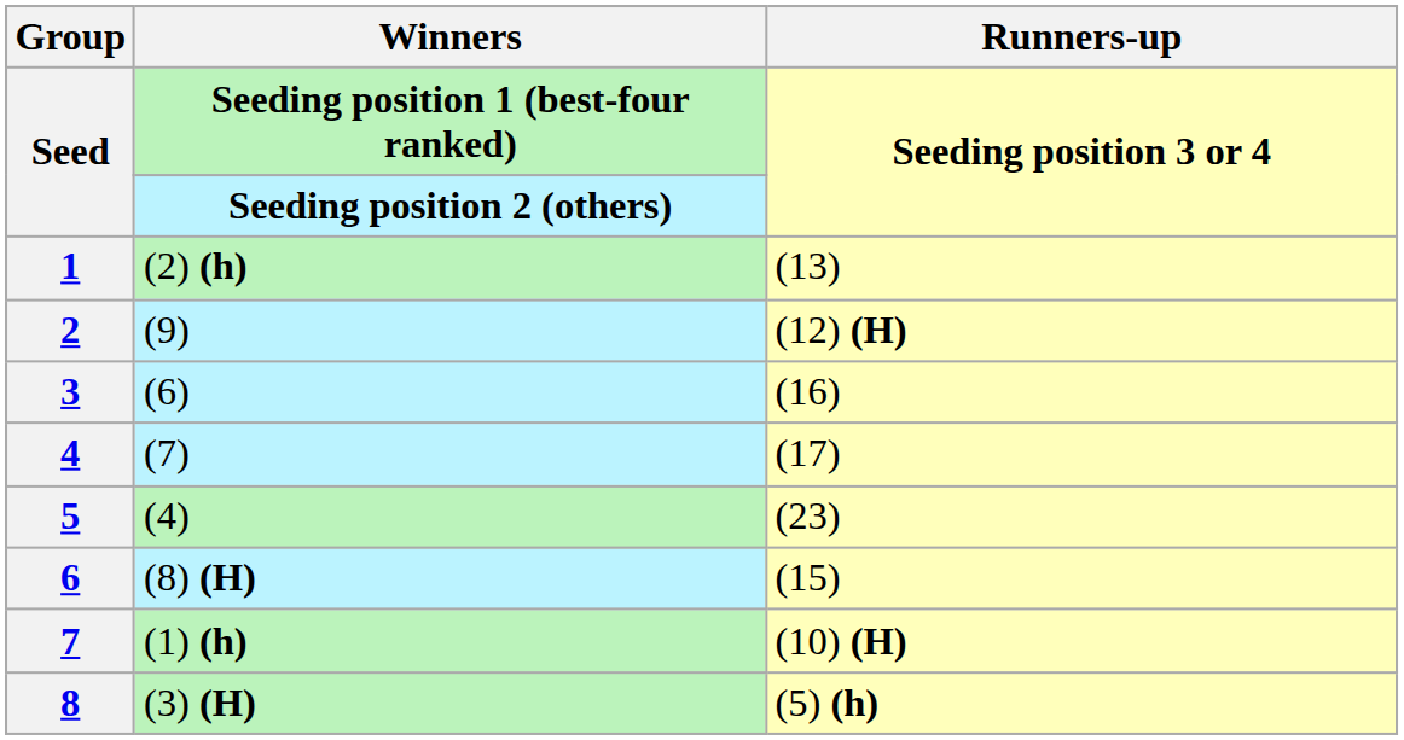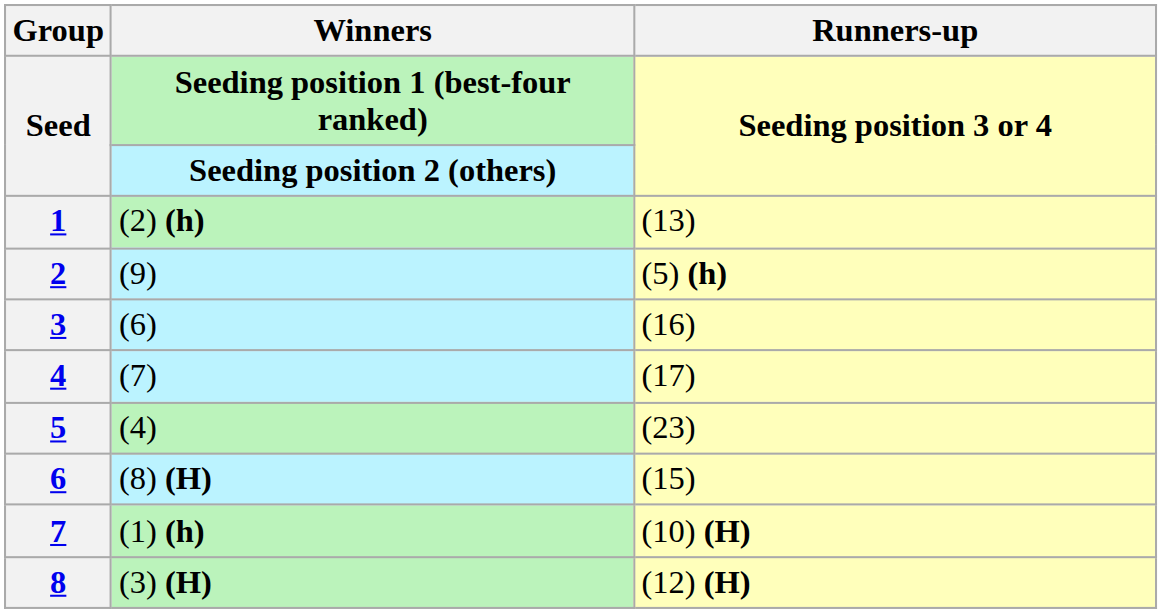 <table class="wikitable">
 <tr>
 <th>Group</th>
 <th width=250>Winners</th>
 <th width=250>Runners-up</th>
 </tr>
 <tr>
 <th rowspan=2>Seed</th>
 <td align=center bgcolor=#BBF3BB><strong>Seeding position 1 (best-four ranked)</strong></td>
 <td align=center bgcolor=#FFFFBB rowspan=2><strong>Seeding position 3 or 4</strong></td>
 </tr>
 <tr>
 <td align=center bgcolor=#BBF3FF><strong>Seeding position 2 (others)</strong></td>
 </tr>
 <tr>
 <th><a href='#'>1</a></th>
 <td bgcolor=#BBF3BB> (2) <strong>(h)</strong></td>
 <td bgcolor=#FFFFBB> (13)</td>
 </tr>
 <tr>
 <th><a href='#'>2</a></th>
 <td bgcolor=#BBF3FF> (9)</td>
-<td bgcolor=#FFFFBB> (12) <strong>(H)</strong></td>
+<td bgcolor=#FFFFBB> (5) <strong>(h)</strong></td>
 </tr>
 <tr>
 <th><a href='#'>3</a></th>
 <td bgcolor=#BBF3FF> (6)</td>
 <td bgcolor=#FFFFBB> (16)</td>
 </tr>
 <tr>
 <th><a href='#'>4</a></th>
 <td bgcolor=#BBF3FF> (7)</td>
 <td bgcolor=#FFFFBB> (17)</td>
 </tr>
 <tr>
 <th><a href='#'>5</a></th>
 <td bgcolor=#BBF3BB> (4)</td>
 <td bgcolor=#FFFFBB> (23)</td>
 </tr>
 <tr>
 <th><a href='#'>6</a></th>
 <td bgcolor=#BBF3FF> (8) <strong>(H)</strong></td>
 <td bgcolor=#FFFFBB> (15)</td>
 </tr>
 <tr>
 <th><a href='#'>7</a></th>
 <td bgcolor=#BBF3BB> (1) <strong>(h)</strong></td>
 <td bgcolor=#FFFFBB> (10) <strong>(H)</strong></td>
 </tr>
 <tr>
 <th><a href='#'>8</a></th>
 <td bgcolor=#BBF3BB> (3) <strong>(H)</strong></td>
-<td bgcolor=#FFFFBB> (5) <strong>(h)</strong></td>
+<td bgcolor=#FFFFBB> (12) <strong>(H)</strong></td>
 </tr>
 </table>
